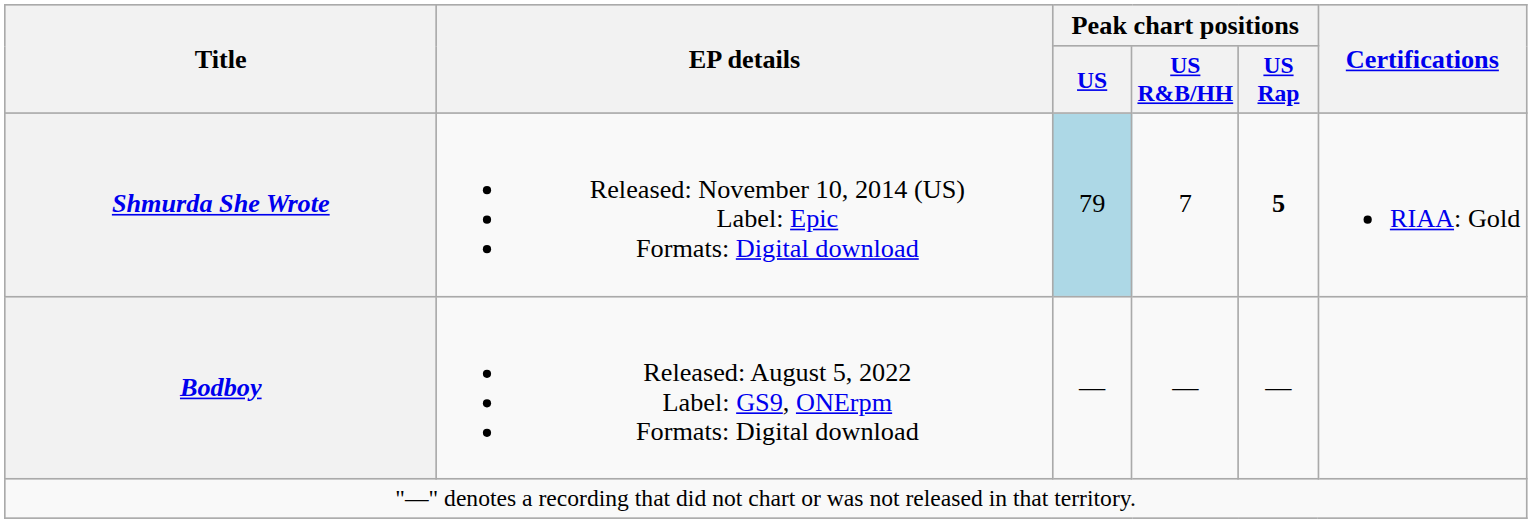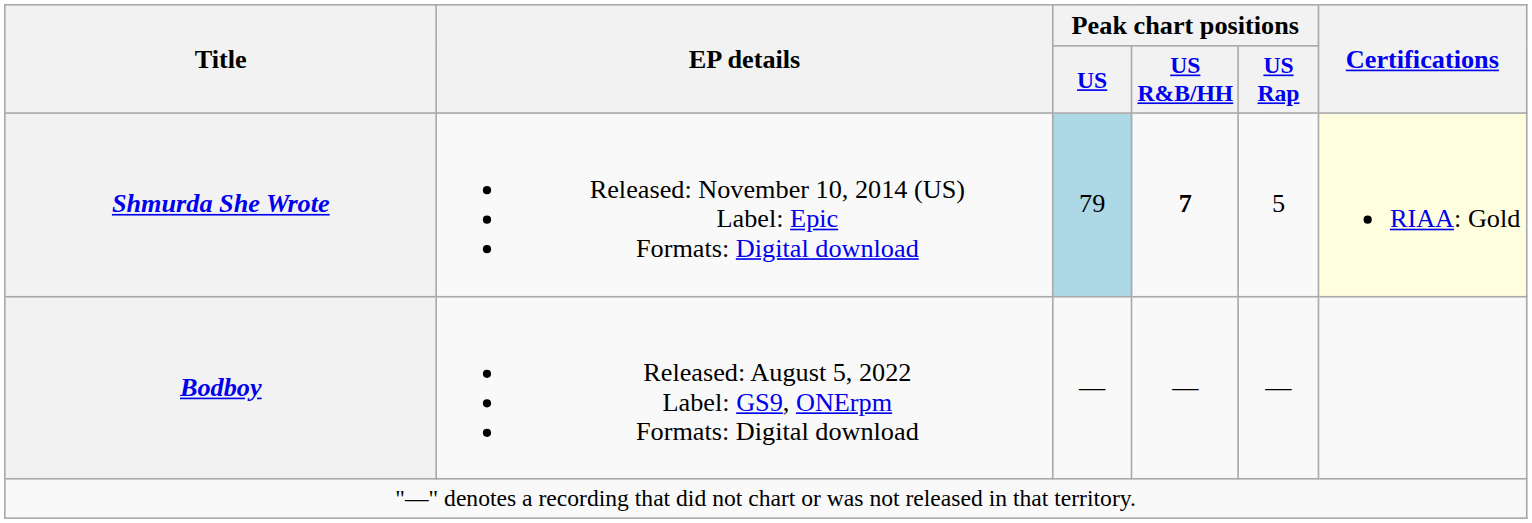 <table class="wikitable plainrowheaders" style="text-align:center;" border="1">
 <tr>
 <th scope="col" rowspan="2" style="width:16em;">Title</th>
 <th scope="col" rowspan="2" style="width:23em;">EP details</th>
 <th scope="col" colspan="3">Peak chart positions</th>
 <th scope="col" rowspan="2"><a href='#'>Certifications</a></th>
 </tr>
 <tr>
 <th scope="col" style="width:2.9em;font-size:90%;"><a href='#'>US</a><br></th>
 <th scope="col" style="width:2.9em;font-size:90%;"><a href='#'>US<br>R&B/HH</a><br></th>
 <th scope="col" style="width:2.9em;font-size:90%;"><a href='#'>US<br>Rap</a><br></th>
 </tr>
 <tr>
 <th scope="row"><em><a href='#'>Shmurda She Wrote</a></em></th>
 <td><br><ul><li>Released: November 10, 2014 <span>(US)</span></li><li>Label: <a href='#'>Epic</a></li><li>Formats: <a href='#'>Digital download</a></li></ul></td>
 <td style="background: lightblue;">79</td>
-<td>7</td>
-<td><strong>5</strong></td>
-<td><br><ul><li><a href='#'>RIAA</a>: Gold</li></ul></td>
+<td><strong>7</strong></td>
+<td>5</td>
+<td style="background: lightyellow;"><br><ul><li><a href='#'>RIAA</a>: Gold</li></ul></td>
 </tr>
 <tr>
 <th scope="row"><em><a href='#'>Bodboy</a></em></th>
 <td><br><ul><li>Released: August 5, 2022</li><li>Label: <a href='#'>GS9</a>, <a href='#'>ONErpm</a></li><li>Formats: Digital download</li></ul></td>
 <td>—</td>
 <td>—</td>
 <td>—</td>
 <td></td>
 </tr>
 <tr>
 <td colspan="8" style="font-size:90%">"—" denotes a recording that did not chart or was not released in that territory.</td>
 </tr>
 </table>
